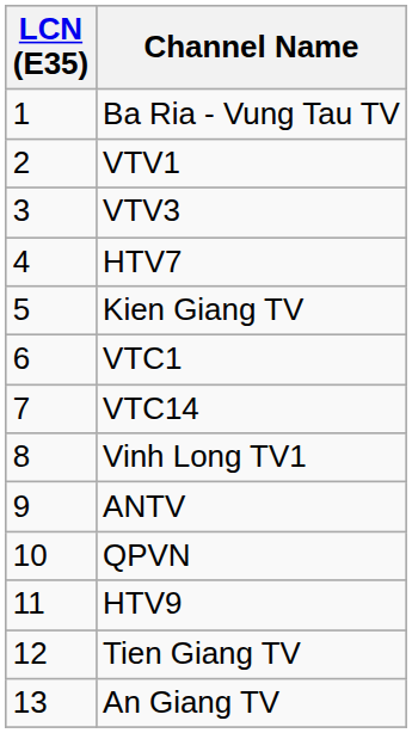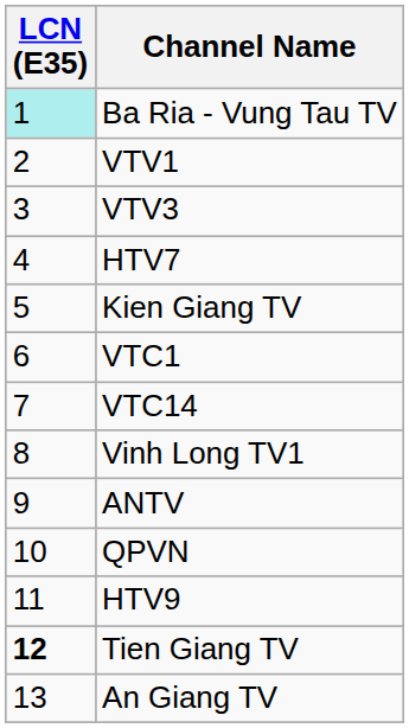 <table class=wikitable>
 <tr>
 <th><a href='#'>LCN</a> <br>(E35)</th>
 <th>Channel Name</th>
 </tr>
 <tr>
-<td>1</td>
+<td style="background: paleturquoise;">1</td>
 <td>Ba Ria - Vung Tau TV</td>
 </tr>
 <tr>
 <td>2</td>
 <td>VTV1</td>
 </tr>
 <tr>
 <td>3</td>
 <td>VTV3</td>
 </tr>
 <tr>
 <td>4</td>
 <td>HTV7</td>
 </tr>
 <tr>
 <td>5</td>
 <td>Kien Giang TV</td>
 </tr>
 <tr>
 <td>6</td>
 <td>VTC1</td>
 </tr>
 <tr>
 <td>7</td>
 <td>VTC14</td>
 </tr>
 <tr>
 <td>8</td>
 <td>Vinh Long TV1</td>
 </tr>
 <tr>
 <td>9</td>
 <td>ANTV</td>
 </tr>
 <tr>
 <td>10</td>
 <td>QPVN</td>
 </tr>
 <tr>
 <td>11</td>
 <td>HTV9</td>
 </tr>
 <tr>
-<td>12</td>
+<td><strong>12</strong></td>
 <td>Tien Giang TV</td>
 </tr>
 <tr>
 <td>13</td>
 <td>An Giang TV</td>
 </tr>
 </table>
